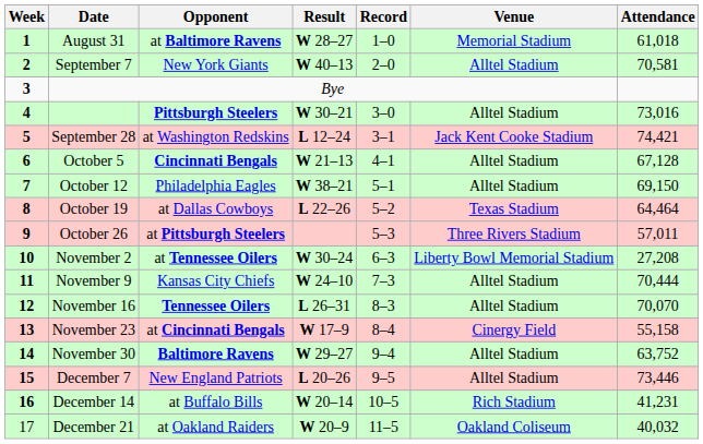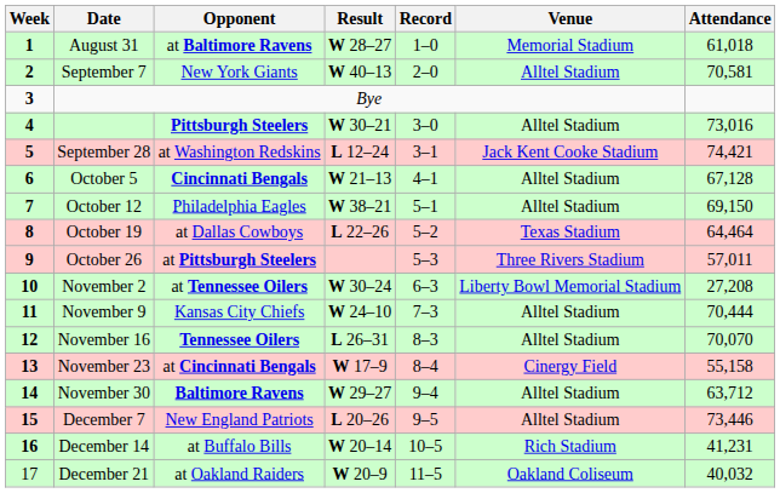 <table class="wikitable" style="text-align:center">
 <tr>
 <th>Week</th>
 <th>Date</th>
 <th>Opponent</th>
 <th>Result</th>
 <th>Record</th>
 <th>Venue</th>
 <th>Attendance</th>
 </tr>
 <tr style="background: #cfc;">
 <td><strong>1</strong></td>
 <td>August 31</td>
 <td>at <strong><a href='#'>Baltimore Ravens</a></strong></td>
 <td><strong>W</strong> 28–27</td>
 <td>1–0</td>
 <td><a href='#'>Memorial Stadium</a></td>
 <td>61,018</td>
 </tr>
 <tr style="background: #cfc;">
 <td><strong>2</strong></td>
 <td>September 7</td>
 <td><a href='#'>New York Giants</a></td>
 <td><strong>W</strong> 40–13</td>
 <td>2–0</td>
 <td><a href='#'>Alltel Stadium</a></td>
 <td>70,581</td>
 </tr>
 <tr>
 <td><strong>3</strong></td>
 <td colspan=5 align="center"><em>Bye</em></td>
 </tr>
 <tr style="background: #cfc;">
 <td><strong>4</strong></td>
 <td></td>
 <td><strong><a href='#'>Pittsburgh Steelers</a></strong></td>
 <td><strong>W</strong> 30–21</td>
 <td>3–0</td>
 <td>Alltel Stadium</td>
 <td>73,016</td>
 </tr>
 <tr style="background: #fcc;">
 <td><strong>5</strong></td>
 <td>September 28</td>
 <td>at <a href='#'>Washington Redskins</a></td>
 <td><strong>L</strong> 12–24</td>
 <td>3–1</td>
 <td><a href='#'>Jack Kent Cooke Stadium</a></td>
 <td>74,421</td>
 </tr>
 <tr style="background: #cfc;">
 <td><strong>6</strong></td>
 <td>October 5</td>
 <td><strong><a href='#'>Cincinnati Bengals</a></strong></td>
 <td><strong>W</strong> 21–13</td>
 <td>4–1</td>
 <td>Alltel Stadium</td>
 <td>67,128</td>
 </tr>
 <tr style="background: #cfc;">
 <td><strong>7</strong></td>
 <td>October 12</td>
 <td><a href='#'>Philadelphia Eagles</a></td>
 <td><strong>W</strong> 38–21</td>
 <td>5–1</td>
 <td>Alltel Stadium</td>
 <td>69,150</td>
 </tr>
 <tr style="background: #fcc;">
 <td><strong>8</strong></td>
 <td>October 19</td>
 <td>at <a href='#'>Dallas Cowboys</a></td>
 <td><strong>L</strong> 22–26</td>
 <td>5–2</td>
 <td><a href='#'>Texas Stadium</a></td>
 <td>64,464</td>
 </tr>
 <tr style="background: #fcc;">
 <td><strong>9</strong></td>
 <td>October 26</td>
 <td>at <strong><a href='#'>Pittsburgh Steelers</a></strong></td>
 <td></td>
 <td>5–3</td>
 <td><a href='#'>Three Rivers Stadium</a></td>
 <td>57,011</td>
 </tr>
 <tr style="background: #cfc;">
 <td><strong>10</strong></td>
 <td>November 2</td>
 <td>at <strong><a href='#'>Tennessee Oilers</a></strong></td>
 <td><strong>W</strong> 30–24</td>
 <td>6–3</td>
 <td><a href='#'>Liberty Bowl Memorial Stadium</a></td>
 <td>27,208</td>
 </tr>
 <tr style="background: #cfc;">
 <td><strong>11</strong></td>
 <td>November 9</td>
 <td><a href='#'>Kansas City Chiefs</a></td>
 <td><strong>W</strong> 24–10</td>
 <td>7–3</td>
 <td>Alltel Stadium</td>
 <td>70,444</td>
 </tr>
 <tr style="background: #cfc;">
 <td><strong>12</strong></td>
 <td>November 16</td>
 <td><strong><a href='#'>Tennessee Oilers</a></strong></td>
 <td><strong>L</strong> 26–31</td>
 <td>8–3</td>
 <td>Alltel Stadium</td>
 <td>70,070</td>
 </tr>
 <tr style="background: #fcc;">
 <td><strong>13</strong></td>
 <td>November 23</td>
 <td>at <strong><a href='#'>Cincinnati Bengals</a></strong></td>
 <td><strong>W</strong> 17–9</td>
 <td>8–4</td>
 <td><a href='#'>Cinergy Field</a></td>
 <td>55,158</td>
 </tr>
 <tr style="background: #cfc;">
 <td><strong>14</strong></td>
 <td>November 30</td>
 <td><strong><a href='#'>Baltimore Ravens</a></strong></td>
 <td><strong>W</strong> 29–27</td>
 <td>9–4</td>
 <td>Alltel Stadium</td>
-<td>63,752</td>
+<td>63,712</td>
 </tr>
 <tr style="background: #fcc;">
 <td><strong>15</strong></td>
 <td>December 7</td>
 <td><a href='#'>New England Patriots</a></td>
 <td><strong>L</strong> 20–26</td>
 <td>9–5</td>
 <td>Alltel Stadium</td>
 <td>73,446</td>
 </tr>
 <tr style="background: #cfc;">
 <td><strong>16</strong></td>
 <td>December 14</td>
 <td>at <a href='#'>Buffalo Bills</a></td>
 <td><strong>W</strong> 20–14</td>
 <td>10–5</td>
 <td><a href='#'>Rich Stadium</a></td>
 <td>41,231</td>
 </tr>
 <tr style="background: #cfc;">
 <td>17</td>
 <td>December 21</td>
 <td>at <a href='#'>Oakland Raiders</a></td>
 <td><strong>W</strong> 20–9</td>
 <td>11–5</td>
 <td><a href='#'>Oakland Coliseum</a></td>
 <td>40,032</td>
 </tr>
 </table>
